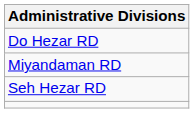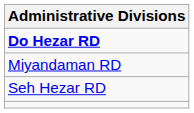 <table class="wikitable">
 <tr>
 <th>Administrative Divisions</th>
 </tr>
 <tr>
-<td><a href='#'>Do Hezar RD</a></td>
+<td><strong><a href='#'>Do Hezar RD</a></strong></td>
 </tr>
 <tr>
 <td><a href='#'>Miyandaman RD</a></td>
 </tr>
 <tr>
 <td><a href='#'>Seh Hezar RD</a></td>
 </tr>
 <tr>
 <td colspan=1></td>
 </tr>
 </table>
